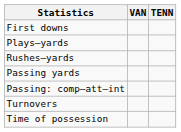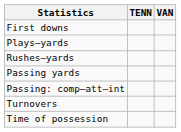 <table class="wikitable" style="float:left">
 <tr>
 <th>Statistics</th>
+<th>TENN</th>
 <th>VAN</th>
-<th>TENN</th>
 </tr>
 <tr>
 <td>First downs</td>
 <td></td>
 <td></td>
 </tr>
 <tr>
 <td>Plays–yards</td>
 <td></td>
 <td></td>
 </tr>
 <tr>
 <td>Rushes–yards</td>
 <td></td>
 <td></td>
 </tr>
 <tr>
 <td>Passing yards</td>
 <td></td>
 <td></td>
 </tr>
 <tr>
 <td>Passing: comp–att–int</td>
 <td></td>
 <td></td>
 </tr>
 <tr>
 <td>Turnovers</td>
 <td></td>
 <td></td>
 </tr>
 <tr>
 <td>Time of possession</td>
 <td></td>
 <td></td>
 </tr>
 </table>
